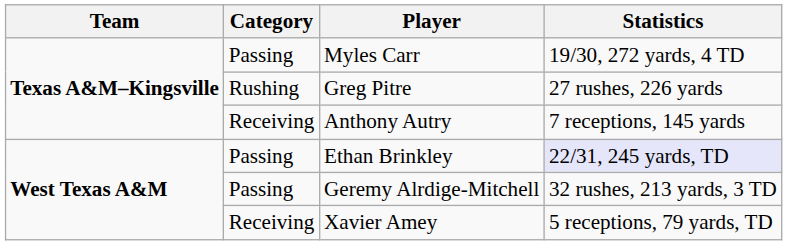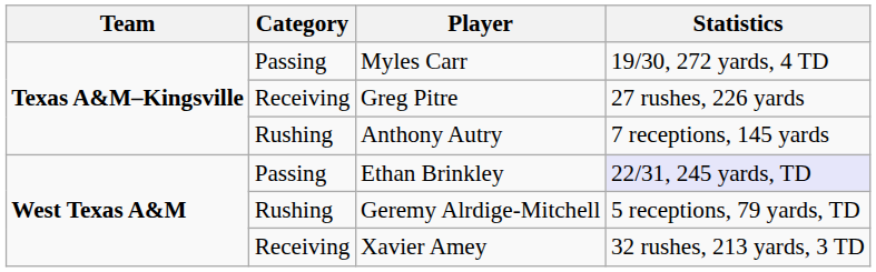 <table class="wikitable" style="float: right;">
 <tr>
 <th>Team</th>
 <th>Category</th>
 <th>Player</th>
 <th>Statistics</th>
 </tr>
 <tr>
 <td rowspan=3><strong>Texas A&M–Kingsville</strong></td>
 <td>Passing</td>
 <td>Myles Carr</td>
 <td>19/30, 272 yards, 4 TD</td>
 </tr>
 <tr>
-<td>Rushing</td>
+<td>Receiving</td>
 <td>Greg Pitre</td>
 <td>27 rushes, 226 yards</td>
 </tr>
 <tr>
-<td>Receiving</td>
+<td>Rushing</td>
 <td>Anthony Autry</td>
 <td>7 receptions, 145 yards</td>
 </tr>
 <tr>
 <td rowspan=3><strong>West Texas A&M</strong></td>
 <td>Passing</td>
 <td>Ethan Brinkley</td>
 <td style="background: lavender;">22/31, 245 yards, TD</td>
 </tr>
 <tr>
-<td>Passing</td>
+<td>Rushing</td>
 <td>Geremy Alrdige-Mitchell</td>
-<td>32 rushes, 213 yards, 3 TD</td>
+<td>5 receptions, 79 yards, TD</td>
 </tr>
 <tr>
 <td>Receiving</td>
 <td>Xavier Amey</td>
-<td>5 receptions, 79 yards, TD</td>
+<td>32 rushes, 213 yards, 3 TD</td>
 </tr>
 </table>
